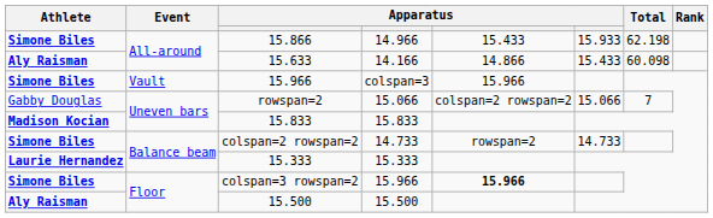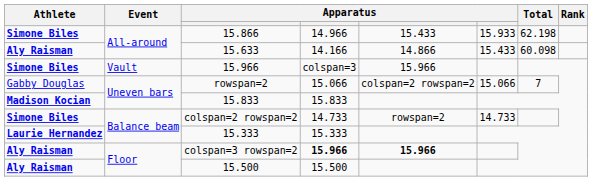 <table class=wikitable style=font-size:90%;text-align:center>
 <tr>
 <th rowspan=2>Athlete</th>
 <th rowspan=2>Event</th>
 <th colspan=4>Apparatus</th>
 <th rowspan=2>Total</th>
 <th rowspan=2>Rank</th>
 </tr>
 <tr style=font-size:95%>
 <th></th>
 <th></th>
 <th></th>
 <th></th>
 </tr>
 <tr>
 <td align=left><strong><a href='#'>Simone Biles</a></strong></td>
 <td align=left rowspan=2><a href='#'>All-around</a></td>
 <td>15.866</td>
 <td>14.966</td>
 <td>15.433</td>
 <td>15.933</td>
 <td>62.198</td>
 <td></td>
 </tr>
 <tr>
 <td align=left><strong><a href='#'>Aly Raisman</a></strong></td>
 <td>15.633</td>
 <td>14.166</td>
 <td>14.866</td>
 <td>15.433</td>
 <td>60.098</td>
 <td></td>
 </tr>
 <tr>
 <td align=left><strong><a href='#'>Simone Biles</a></strong></td>
 <td align=left><a href='#'>Vault</a></td>
 <td>15.966</td>
 <td>colspan=3 </td>
 <td>15.966</td>
 <td></td>
 </tr>
 <tr>
 <td align=left><a href='#'>Gabby Douglas</a></td>
 <td align=left rowspan=2><a href='#'>Uneven bars</a></td>
 <td>rowspan=2 </td>
 <td>15.066</td>
 <td>colspan=2 rowspan=2 </td>
 <td>15.066</td>
 <td>7</td>
 </tr>
 <tr>
 <td align=left><strong><a href='#'>Madison Kocian</a></strong></td>
 <td>15.833</td>
 <td>15.833</td>
 <td></td>
 </tr>
 <tr>
 <td align=left><strong><a href='#'>Simone Biles</a></strong></td>
 <td align=left rowspan=2><a href='#'>Balance beam</a></td>
 <td>colspan=2 rowspan=2 </td>
 <td>14.733</td>
 <td>rowspan=2 </td>
 <td>14.733</td>
 <td></td>
 </tr>
 <tr>
 <td align=left><strong><a href='#'>Laurie Hernandez</a></strong></td>
 <td>15.333</td>
 <td>15.333</td>
 <td></td>
 </tr>
 <tr>
-<td align=left><strong><a href='#'>Simone Biles</a></strong></td>
+<td align=left><strong><a href='#'>Aly Raisman</a></strong></td>
 <td align=left rowspan=2><a href='#'>Floor</a></td>
 <td>colspan=3 rowspan=2 </td>
-<td>15.966</td>
+<td><strong>15.966</strong></td>
 <td><strong>15.966</strong></td>
 <td></td>
 </tr>
 <tr>
 <td align=left><strong><a href='#'>Aly Raisman</a></strong></td>
 <td>15.500</td>
 <td>15.500</td>
 <td></td>
 </tr>
 </table>
